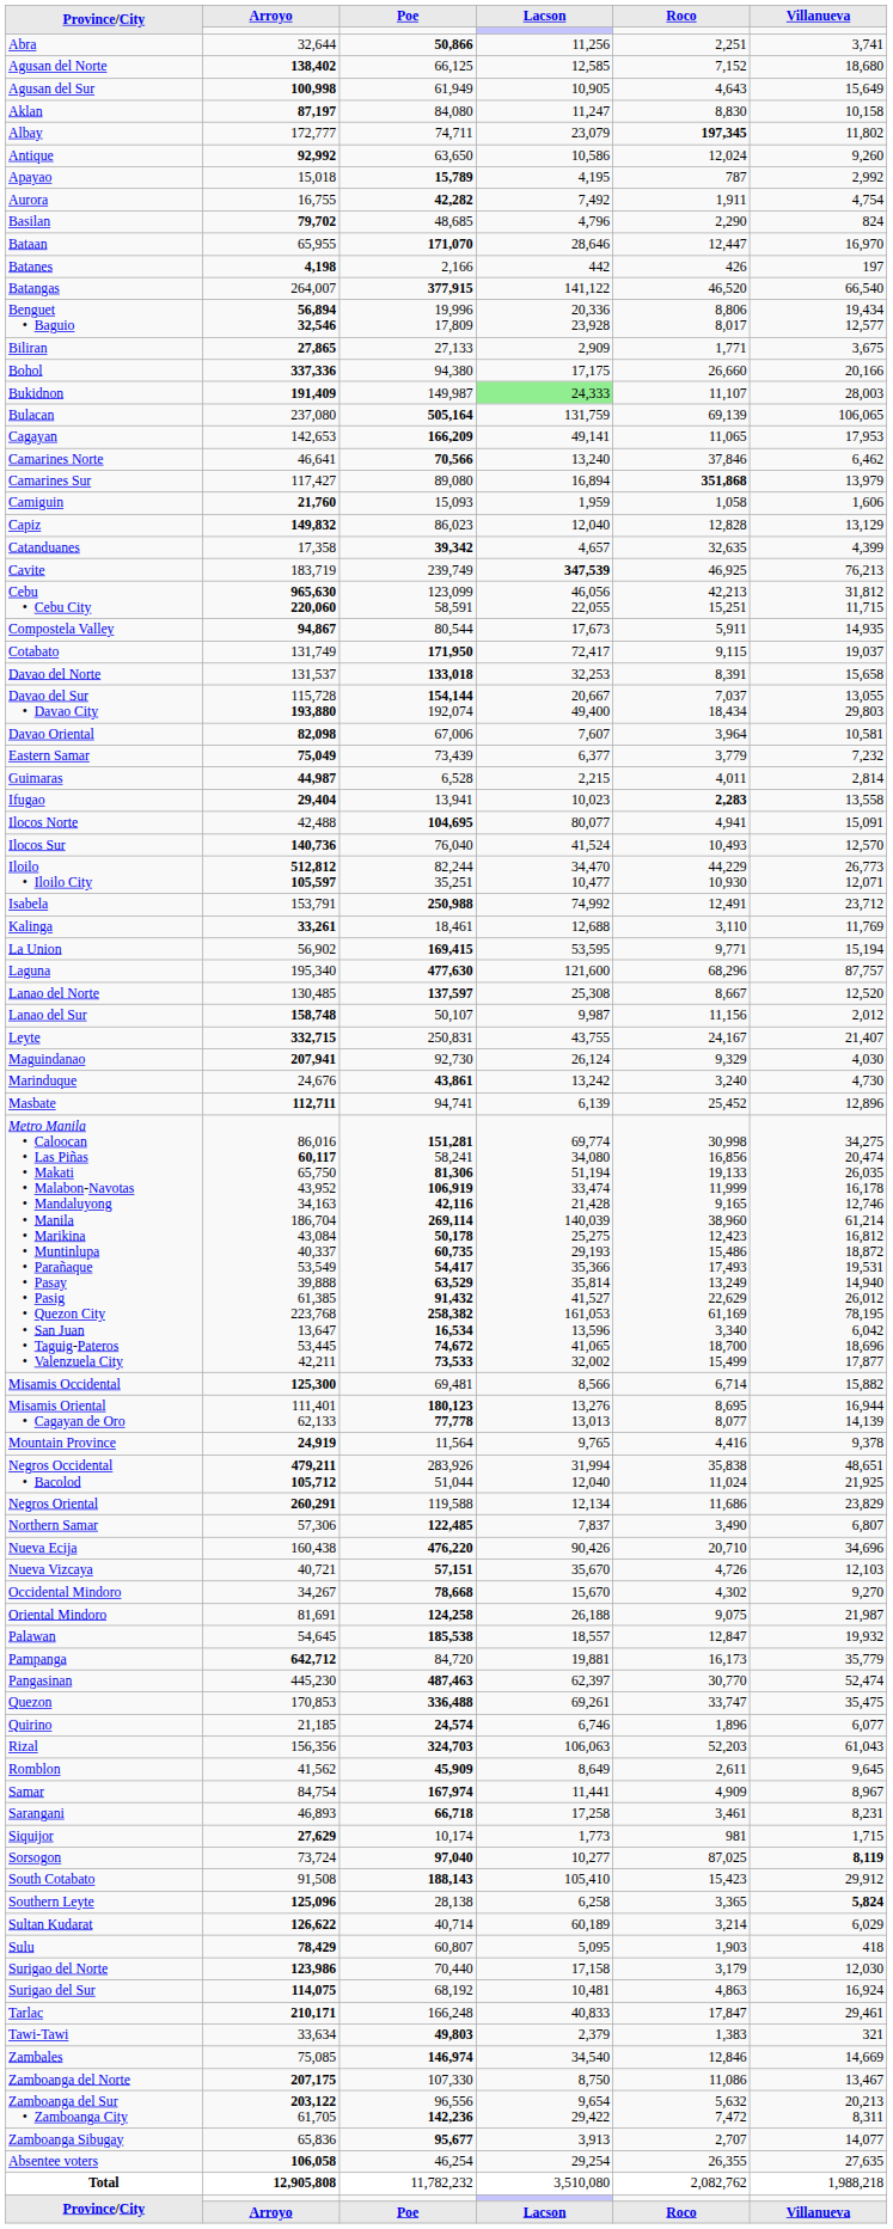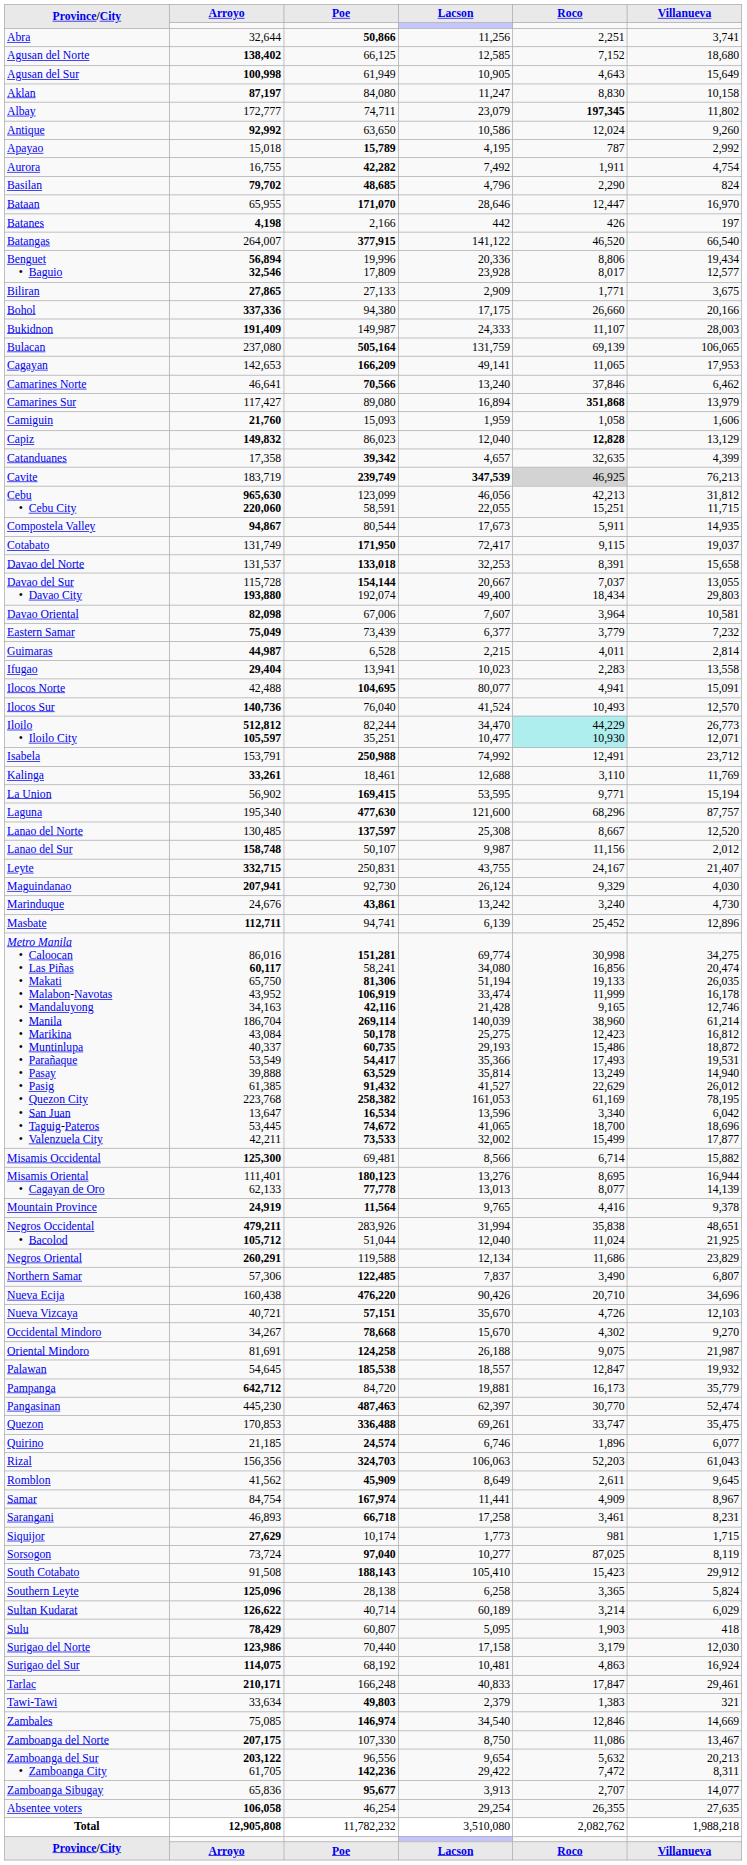 <table class="wikitable" width="80%">
 <tr bgcolor="#cccccc">
 <th rowspan="2" style="background: #E9E9E9" width="80"><a href='#'>Province</a>/<a href='#'>City</a></th>
 <th style="background: #E9E9E9" width="80"><a href='#'>Arroyo</a></th>
 <th style="background: #E9E9E9" width="80"><a href='#'>Poe</a></th>
 <th style="background: #E9E9E9" width="80"><a href='#'>Lacson</a></th>
 <th style="background: #E9E9E9" width="80"><a href='#'>Roco</a></th>
 <th style="background: #E9E9E9" width="80"><a href='#'>Villanueva</a></th>
 </tr>
 <tr>
 <td></td>
 <td></td>
 <td style="background:#c4c4ff;"></td>
 <td></td>
 <td></td>
 </tr>
 <tr>
 <td><a href='#'>Abra</a></td>
 <td align="right">32,644</td>
 <td align="right"><strong>50,866</strong></td>
 <td align="right">11,256</td>
 <td align="right">2,251</td>
 <td align="right">3,741</td>
 </tr>
 <tr>
 <td><a href='#'>Agusan del Norte</a></td>
 <td align="right"><strong>138,402</strong></td>
 <td align="right">66,125</td>
 <td align="right">12,585</td>
 <td align="right">7,152</td>
 <td align="right">18,680</td>
 </tr>
 <tr>
 <td><a href='#'>Agusan del Sur</a></td>
 <td align="right"><strong>100,998</strong></td>
 <td align="right">61,949</td>
 <td align="right">10,905</td>
 <td align="right">4,643</td>
 <td align="right">15,649</td>
 </tr>
 <tr>
 <td><a href='#'>Aklan</a></td>
 <td align="right"><strong>87,197</strong></td>
 <td align="right">84,080</td>
 <td align="right">11,247</td>
 <td align="right">8,830</td>
 <td align="right">10,158</td>
 </tr>
 <tr>
 <td><a href='#'>Albay</a></td>
 <td align="right">172,777</td>
 <td align="right">74,711</td>
 <td align="right">23,079</td>
 <td align="right"><strong>197,345</strong></td>
 <td align="right">11,802</td>
 </tr>
 <tr>
 <td><a href='#'>Antique</a></td>
 <td align="right"><strong>92,992</strong></td>
 <td align="right">63,650</td>
 <td align="right">10,586</td>
 <td align="right">12,024</td>
 <td align="right">9,260</td>
 </tr>
 <tr>
 <td><a href='#'>Apayao</a></td>
 <td align="right">15,018</td>
 <td align="right"><strong>15,789</strong></td>
 <td align="right">4,195</td>
 <td align="right">787</td>
 <td align="right">2,992</td>
 </tr>
 <tr>
 <td><a href='#'>Aurora</a></td>
 <td align="right">16,755</td>
 <td align="right"><strong>42,282</strong></td>
 <td align="right">7,492</td>
 <td align="right">1,911</td>
 <td align="right">4,754</td>
 </tr>
 <tr>
 <td><a href='#'>Basilan</a></td>
 <td align="right"><strong>79,702</strong></td>
-<td align="right">48,685</td>
+<td align="right"><strong>48,685</strong></td>
 <td align="right">4,796</td>
 <td align="right">2,290</td>
 <td align="right">824</td>
 </tr>
 <tr>
 <td><a href='#'>Bataan</a></td>
 <td align="right">65,955</td>
 <td align="right"><strong>171,070</strong></td>
 <td align="right">28,646</td>
 <td align="right">12,447</td>
 <td align="right">16,970</td>
 </tr>
 <tr>
 <td><a href='#'>Batanes</a></td>
 <td align="right"><strong>4,198</strong></td>
 <td align="right">2,166</td>
 <td align="right">442</td>
 <td align="right">426</td>
 <td align="right">197</td>
 </tr>
 <tr>
 <td><a href='#'>Batangas</a></td>
 <td align="right">264,007</td>
 <td align="right"><strong>377,915</strong></td>
 <td align="right">141,122</td>
 <td align="right">46,520</td>
 <td align="right">66,540</td>
 </tr>
 <tr>
 <td><a href='#'>Benguet</a><br>    •  <a href='#'>Baguio</a></td>
 <td align="right"><strong>56,894<br>32,546</strong></td>
 <td align="right">19,996<br>17,809</td>
 <td align="right">20,336<br>23,928</td>
 <td align="right">8,806<br>8,017</td>
 <td align="right">19,434<br>12,577</td>
 </tr>
 <tr>
 <td><a href='#'>Biliran</a></td>
 <td align="right"><strong>27,865</strong></td>
 <td align="right">27,133</td>
 <td align="right">2,909</td>
 <td align="right">1,771</td>
 <td align="right">3,675</td>
 </tr>
 <tr>
 <td><a href='#'>Bohol</a></td>
 <td align="right"><strong>337,336</strong></td>
 <td align="right">94,380</td>
 <td align="right">17,175</td>
 <td align="right">26,660</td>
 <td align="right">20,166</td>
 </tr>
 <tr>
 <td><a href='#'>Bukidnon</a></td>
 <td align="right"><strong>191,409</strong></td>
 <td align="right">149,987</td>
-<td align="right" style="background: lightgreen;">24,333</td>
+<td align="right">24,333</td>
 <td align="right">11,107</td>
 <td align="right">28,003</td>
 </tr>
 <tr>
 <td><a href='#'>Bulacan</a></td>
 <td align="right">237,080</td>
 <td align="right"><strong>505,164</strong></td>
 <td align="right">131,759</td>
 <td align="right">69,139</td>
 <td align="right">106,065</td>
 </tr>
 <tr>
 <td><a href='#'>Cagayan</a></td>
 <td align="right">142,653</td>
 <td align="right"><strong>166,209</strong></td>
 <td align="right">49,141</td>
 <td align="right">11,065</td>
 <td align="right">17,953</td>
 </tr>
 <tr>
 <td><a href='#'>Camarines Norte</a></td>
 <td align="right">46,641</td>
 <td align="right"><strong>70,566</strong></td>
 <td align="right">13,240</td>
 <td align="right">37,846</td>
 <td align="right">6,462</td>
 </tr>
 <tr>
 <td><a href='#'>Camarines Sur</a></td>
 <td align="right">117,427</td>
 <td align="right">89,080</td>
 <td align="right">16,894</td>
 <td align="right"><strong>351,868</strong></td>
 <td align="right">13,979</td>
 </tr>
 <tr>
 <td><a href='#'>Camiguin</a></td>
 <td align="right"><strong>21,760</strong></td>
 <td align="right">15,093</td>
 <td align="right">1,959</td>
 <td align="right">1,058</td>
 <td align="right">1,606</td>
 </tr>
 <tr>
 <td><a href='#'>Capiz</a></td>
 <td align="right"><strong>149,832</strong></td>
 <td align="right">86,023</td>
 <td align="right">12,040</td>
-<td align="right">12,828</td>
+<td align="right"><strong>12,828</strong></td>
 <td align="right">13,129</td>
 </tr>
 <tr>
 <td><a href='#'>Catanduanes</a></td>
 <td align="right">17,358</td>
 <td align="right"><strong>39,342</strong></td>
 <td align="right">4,657</td>
 <td align="right">32,635</td>
 <td align="right">4,399</td>
 </tr>
 <tr>
 <td><a href='#'>Cavite</a></td>
 <td align="right">183,719</td>
-<td align="right">239,749</td>
+<td align="right"><strong>239,749</strong></td>
 <td align="right"><strong>347,539</strong></td>
-<td align="right">46,925</td>
+<td align="right" style="background: lightgrey;">46,925</td>
 <td align="right">76,213</td>
 </tr>
 <tr>
 <td><a href='#'>Cebu</a><br>    •  <a href='#'>Cebu City</a></td>
 <td align="right"><strong>965,630<br>220,060</strong></td>
 <td align="right">123,099<br>58,591</td>
 <td align="right">46,056<br>22,055</td>
 <td align="right">42,213<br>15,251</td>
 <td align="right">31,812<br>11,715</td>
 </tr>
 <tr>
 <td><a href='#'>Compostela Valley</a></td>
 <td align="right"><strong>94,867</strong></td>
 <td align="right">80,544</td>
 <td align="right">17,673</td>
 <td align="right">5,911</td>
 <td align="right">14,935</td>
 </tr>
 <tr>
 <td><a href='#'>Cotabato</a></td>
 <td align="right">131,749</td>
 <td align="right"><strong>171,950</strong></td>
 <td align="right">72,417</td>
 <td align="right">9,115</td>
 <td align="right">19,037</td>
 </tr>
 <tr>
 <td><a href='#'>Davao del Norte</a></td>
 <td align="right">131,537</td>
 <td align="right"><strong>133,018</strong></td>
 <td align="right">32,253</td>
 <td align="right">8,391</td>
 <td align="right">15,658</td>
 </tr>
 <tr>
 <td><a href='#'>Davao del Sur</a><br>    •  <a href='#'>Davao City</a></td>
 <td align="right">115,728<br><strong>193,880</strong></td>
 <td align="right"><strong>154,144</strong><br>192,074</td>
 <td align="right">20,667<br>49,400</td>
 <td align="right">7,037<br>18,434</td>
 <td align="right">13,055<br>29,803</td>
 </tr>
 <tr>
 <td><a href='#'>Davao Oriental</a></td>
 <td align="right"><strong>82,098</strong></td>
 <td align="right">67,006</td>
 <td align="right">7,607</td>
 <td align="right">3,964</td>
 <td align="right">10,581</td>
 </tr>
 <tr>
 <td><a href='#'>Eastern Samar</a></td>
 <td align="right"><strong>75,049</strong></td>
 <td align="right">73,439</td>
 <td align="right">6,377</td>
 <td align="right">3,779</td>
 <td align="right">7,232</td>
 </tr>
 <tr>
 <td><a href='#'>Guimaras</a></td>
 <td align="right"><strong>44,987</strong></td>
 <td align="right">6,528</td>
 <td align="right">2,215</td>
 <td align="right">4,011</td>
 <td align="right">2,814</td>
 </tr>
 <tr>
 <td><a href='#'>Ifugao</a></td>
 <td align="right"><strong>29,404</strong></td>
 <td align="right">13,941</td>
 <td align="right">10,023</td>
-<td align="right"><strong>2,283</strong></td>
+<td align="right">2,283</td>
 <td align="right">13,558</td>
 </tr>
 <tr>
 <td><a href='#'>Ilocos Norte</a></td>
 <td align="right">42,488</td>
 <td align="right"><strong>104,695</strong></td>
 <td align="right">80,077</td>
 <td align="right">4,941</td>
 <td align="right">15,091</td>
 </tr>
 <tr>
 <td><a href='#'>Ilocos Sur</a></td>
 <td align="right"><strong>140,736</strong></td>
 <td align="right">76,040</td>
 <td align="right">41,524</td>
 <td align="right">10,493</td>
 <td align="right">12,570</td>
 </tr>
 <tr>
 <td><a href='#'>Iloilo</a><br>    •  <a href='#'>Iloilo City</a></td>
 <td align="right"><strong>512,812<br>105,597</strong></td>
 <td align="right">82,244<br>35,251</td>
 <td align="right">34,470<br>10,477</td>
-<td align="right">44,229<br>10,930</td>
+<td align="right" style="background: paleturquoise;">44,229<br>10,930</td>
 <td align="right">26,773<br>12,071</td>
 </tr>
 <tr>
 <td><a href='#'>Isabela</a></td>
 <td align="right">153,791</td>
 <td align="right"><strong>250,988</strong></td>
 <td align="right">74,992</td>
 <td align="right">12,491</td>
 <td align="right">23,712</td>
 </tr>
 <tr>
 <td><a href='#'>Kalinga</a></td>
 <td align="right"><strong>33,261</strong></td>
 <td align="right">18,461</td>
 <td align="right">12,688</td>
 <td align="right">3,110</td>
 <td align="right">11,769</td>
 </tr>
 <tr>
 <td><a href='#'>La Union</a></td>
 <td align="right">56,902</td>
 <td align="right"><strong>169,415</strong></td>
 <td align="right">53,595</td>
 <td align="right">9,771</td>
 <td align="right">15,194</td>
 </tr>
 <tr>
 <td><a href='#'>Laguna</a></td>
 <td align="right">195,340</td>
 <td align="right"><strong>477,630</strong></td>
 <td align="right">121,600</td>
 <td align="right">68,296</td>
 <td align="right">87,757</td>
 </tr>
 <tr>
 <td><a href='#'>Lanao del Norte</a></td>
 <td align="right">130,485</td>
 <td align="right"><strong>137,597</strong></td>
 <td align="right">25,308</td>
 <td align="right">8,667</td>
 <td align="right">12,520</td>
 </tr>
 <tr>
 <td><a href='#'>Lanao del Sur</a></td>
 <td align="right"><strong>158,748</strong></td>
 <td align="right">50,107</td>
 <td align="right">9,987</td>
 <td align="right">11,156</td>
 <td align="right">2,012</td>
 </tr>
 <tr>
 <td><a href='#'>Leyte</a></td>
 <td align="right"><strong>332,715</strong></td>
 <td align="right">250,831</td>
 <td align="right">43,755</td>
 <td align="right">24,167</td>
 <td align="right">21,407</td>
 </tr>
 <tr>
 <td><a href='#'>Maguindanao</a></td>
 <td align="right"><strong>207,941</strong></td>
 <td align="right">92,730</td>
 <td align="right">26,124</td>
 <td align="right">9,329</td>
 <td align="right">4,030</td>
 </tr>
 <tr>
 <td><a href='#'>Marinduque</a></td>
 <td align="right">24,676</td>
 <td align="right"><strong>43,861</strong></td>
 <td align="right">13,242</td>
 <td align="right">3,240</td>
 <td align="right">4,730</td>
 </tr>
 <tr>
 <td><a href='#'>Masbate</a></td>
 <td align="right"><strong>112,711</strong></td>
 <td align="right">94,741</td>
 <td align="right">6,139</td>
 <td align="right">25,452</td>
 <td align="right">12,896</td>
 </tr>
 <tr>
 <td><em><a href='#'>Metro Manila</a></em><br>    •  <a href='#'>Caloocan</a><br>    •  <a href='#'>Las Piñas</a> <br>    •  <a href='#'>Makati</a><br>    •  <a href='#'>Malabon</a>-<a href='#'>Navotas</a><br>    •  <a href='#'>Mandaluyong</a><br>    •  <a href='#'>Manila</a><br>    •  <a href='#'>Marikina</a><br>    •  <a href='#'>Muntinlupa</a><br>    •  <a href='#'>Parañaque</a><br>    •  <a href='#'>Pasay</a><br>    •  <a href='#'>Pasig</a><br>    •  <a href='#'>Quezon City</a><br>    •  <a href='#'>San Juan</a><br>    •  <a href='#'>Taguig</a>-<a href='#'>Pateros</a><br>    •  <a href='#'>Valenzuela City</a></td>
 <td align="right"><br>86,016<br><strong>60,117</strong><br>65,750<br>43,952<br>34,163<br>186,704<br>43,084<br>40,337<br>53,549<br>39,888<br>61,385<br>223,768<br>13,647<br>53,445<br>42,211</td>
 <td align="right"><br><strong>151,281</strong><br>58,241<br><strong>81,306<br>106,919<br>42,116<br>269,114<br>50,178<br>60,735<br>54,417<br>63,529<br>91,432<br>258,382<br>16,534<br>74,672<br>73,533</strong></td>
 <td align="right"><br>69,774<br>34,080<br>51,194<br>33,474<br>21,428<br>140,039<br>25,275<br>29,193<br>35,366<br>35,814<br>41,527<br>161,053<br>13,596<br>41,065<br>32,002</td>
 <td align="right"><br>30,998<br>16,856<br>19,133<br>11,999<br>9,165<br>38,960<br>12,423<br>15,486<br>17,493<br>13,249<br>22,629<br>61,169<br>3,340<br>18,700<br>15,499</td>
 <td align="right"><br>34,275<br>20,474<br>26,035<br>16,178<br>12,746<br>61,214<br>16,812<br>18,872<br>19,531<br>14,940<br>26,012<br>78,195<br>6,042<br>18,696<br>17,877</td>
 </tr>
 <tr>
 <td><a href='#'>Misamis Occidental</a></td>
 <td align="right"><strong>125,300</strong></td>
 <td align="right">69,481</td>
 <td align="right">8,566</td>
 <td align="right">6,714</td>
 <td align="right">15,882</td>
 </tr>
 <tr>
 <td><a href='#'>Misamis Oriental</a><br>    •  <a href='#'>Cagayan de Oro</a></td>
 <td align="right">111,401<br>62,133</td>
 <td align="right"><strong>180,123<br>77,778</strong></td>
 <td align="right">13,276<br>13,013</td>
 <td align="right">8,695<br>8,077</td>
 <td align="right">16,944<br>14,139</td>
 </tr>
 <tr>
 <td><a href='#'>Mountain Province</a></td>
 <td align="right"><strong>24,919</strong></td>
-<td align="right">11,564</td>
+<td align="right"><strong>11,564</strong></td>
 <td align="right">9,765</td>
 <td align="right">4,416</td>
 <td align="right">9,378</td>
 </tr>
 <tr>
 <td><a href='#'>Negros Occidental</a><br>    •  <a href='#'>Bacolod</a></td>
 <td align="right"><strong>479,211<br>105,712</strong></td>
 <td align="right">283,926<br>51,044</td>
 <td align="right">31,994<br>12,040</td>
 <td align="right">35,838<br>11,024</td>
 <td align="right">48,651<br>21,925</td>
 </tr>
 <tr>
 <td><a href='#'>Negros Oriental</a></td>
 <td align="right"><strong>260,291</strong></td>
 <td align="right">119,588</td>
 <td align="right">12,134</td>
 <td align="right">11,686</td>
 <td align="right">23,829</td>
 </tr>
 <tr>
 <td><a href='#'>Northern Samar</a></td>
 <td align="right">57,306</td>
 <td align="right"><strong>122,485</strong></td>
 <td align="right">7,837</td>
 <td align="right">3,490</td>
 <td align="right">6,807</td>
 </tr>
 <tr>
 <td><a href='#'>Nueva Ecija</a></td>
 <td align="right">160,438</td>
 <td align="right"><strong>476,220</strong></td>
 <td align="right">90,426</td>
 <td align="right">20,710</td>
 <td align="right">34,696</td>
 </tr>
 <tr>
 <td><a href='#'>Nueva Vizcaya</a></td>
 <td align="right">40,721</td>
 <td align="right"><strong>57,151</strong></td>
 <td align="right">35,670</td>
 <td align="right">4,726</td>
 <td align="right">12,103</td>
 </tr>
 <tr>
 <td><a href='#'>Occidental Mindoro</a></td>
 <td align="right">34,267</td>
 <td align="right"><strong>78,668</strong></td>
 <td align="right">15,670</td>
 <td align="right">4,302</td>
 <td align="right">9,270</td>
 </tr>
 <tr>
 <td><a href='#'>Oriental Mindoro</a></td>
 <td align="right">81,691</td>
 <td align="right"><strong>124,258</strong></td>
 <td align="right">26,188</td>
 <td align="right">9,075</td>
 <td align="right">21,987</td>
 </tr>
 <tr>
 <td><a href='#'>Palawan</a></td>
 <td align="right">54,645</td>
 <td align="right"><strong>185,538</strong></td>
 <td align="right">18,557</td>
 <td align="right">12,847</td>
 <td align="right">19,932</td>
 </tr>
 <tr>
 <td><a href='#'>Pampanga</a></td>
 <td align="right"><strong>642,712</strong></td>
 <td align="right">84,720</td>
 <td align="right">19,881</td>
 <td align="right">16,173</td>
 <td align="right">35,779</td>
 </tr>
 <tr>
 <td><a href='#'>Pangasinan</a></td>
 <td align="right">445,230</td>
 <td align="right"><strong>487,463</strong></td>
 <td align="right">62,397</td>
 <td align="right">30,770</td>
 <td align="right">52,474</td>
 </tr>
 <tr>
 <td><a href='#'>Quezon</a></td>
 <td align="right">170,853</td>
 <td align="right"><strong>336,488</strong></td>
 <td align="right">69,261</td>
 <td align="right">33,747</td>
 <td align="right">35,475</td>
 </tr>
 <tr>
 <td><a href='#'>Quirino</a></td>
 <td align="right">21,185</td>
 <td align="right"><strong>24,574</strong></td>
 <td align="right">6,746</td>
 <td align="right">1,896</td>
 <td align="right">6,077</td>
 </tr>
 <tr>
 <td><a href='#'>Rizal</a></td>
 <td align="right">156,356</td>
 <td align="right"><strong>324,703</strong></td>
 <td align="right">106,063</td>
 <td align="right">52,203</td>
 <td align="right">61,043</td>
 </tr>
 <tr>
 <td><a href='#'>Romblon</a></td>
 <td align="right">41,562</td>
 <td align="right"><strong>45,909</strong></td>
 <td align="right">8,649</td>
 <td align="right">2,611</td>
 <td align="right">9,645</td>
 </tr>
 <tr>
 <td><a href='#'>Samar</a></td>
 <td align="right">84,754</td>
 <td align="right"><strong>167,974</strong></td>
 <td align="right">11,441</td>
 <td align="right">4,909</td>
 <td align="right">8,967</td>
 </tr>
 <tr>
 <td><a href='#'>Sarangani</a></td>
 <td align="right">46,893</td>
 <td align="right"><strong>66,718</strong></td>
 <td align="right">17,258</td>
 <td align="right">3,461</td>
 <td align="right">8,231</td>
 </tr>
 <tr>
 <td><a href='#'>Siquijor</a></td>
 <td align="right"><strong>27,629</strong></td>
 <td align="right">10,174</td>
 <td align="right">1,773</td>
 <td align="right">981</td>
 <td align="right">1,715</td>
 </tr>
 <tr>
 <td><a href='#'>Sorsogon</a></td>
 <td align="right">73,724</td>
 <td align="right"><strong>97,040</strong></td>
 <td align="right">10,277</td>
 <td align="right">87,025</td>
-<td align="right"><strong>8,119</strong></td>
+<td align="right">8,119</td>
 </tr>
 <tr>
 <td><a href='#'>South Cotabato</a></td>
 <td align="right">91,508</td>
 <td align="right"><strong>188,143</strong></td>
 <td align="right">105,410</td>
 <td align="right">15,423</td>
 <td align="right">29,912</td>
 </tr>
 <tr>
 <td><a href='#'>Southern Leyte</a></td>
 <td align="right"><strong>125,096</strong></td>
 <td align="right">28,138</td>
 <td align="right">6,258</td>
 <td align="right">3,365</td>
-<td align="right"><strong>5,824</strong></td>
+<td align="right">5,824</td>
 </tr>
 <tr>
 <td><a href='#'>Sultan Kudarat</a></td>
 <td align="right"><strong>126,622</strong></td>
 <td align="right">40,714</td>
 <td align="right">60,189</td>
 <td align="right">3,214</td>
 <td align="right">6,029</td>
 </tr>
 <tr>
 <td><a href='#'>Sulu</a></td>
 <td align="right"><strong>78,429</strong></td>
 <td align="right">60,807</td>
 <td align="right">5,095</td>
 <td align="right">1,903</td>
 <td align="right">418</td>
 </tr>
 <tr>
 <td><a href='#'>Surigao del Norte</a></td>
 <td align="right"><strong>123,986</strong></td>
 <td align="right">70,440</td>
 <td align="right">17,158</td>
 <td align="right">3,179</td>
 <td align="right">12,030</td>
 </tr>
 <tr>
 <td><a href='#'>Surigao del Sur</a></td>
 <td align="right"><strong>114,075</strong></td>
 <td align="right">68,192</td>
 <td align="right">10,481</td>
 <td align="right">4,863</td>
 <td align="right">16,924</td>
 </tr>
 <tr>
 <td><a href='#'>Tarlac</a></td>
 <td align="right"><strong>210,171</strong></td>
 <td align="right">166,248</td>
 <td align="right">40,833</td>
 <td align="right">17,847</td>
 <td align="right">29,461</td>
 </tr>
 <tr>
 <td><a href='#'>Tawi-Tawi</a></td>
 <td align="right">33,634</td>
 <td align="right"><strong>49,803</strong></td>
 <td align="right">2,379</td>
 <td align="right">1,383</td>
 <td align="right">321</td>
 </tr>
 <tr>
 <td><a href='#'>Zambales</a></td>
 <td align="right">75,085</td>
 <td align="right"><strong>146,974</strong></td>
 <td align="right">34,540</td>
 <td align="right">12,846</td>
 <td align="right">14,669</td>
 </tr>
 <tr>
 <td><a href='#'>Zamboanga del Norte</a></td>
 <td align="right"><strong>207,175</strong></td>
 <td align="right">107,330</td>
 <td align="right">8,750</td>
 <td align="right">11,086</td>
 <td align="right">13,467</td>
 </tr>
 <tr>
 <td><a href='#'>Zamboanga del Sur</a><br>    •  <a href='#'>Zamboanga City</a></td>
 <td align="right"><strong>203,122</strong><br>61,705</td>
 <td align="right">96,556<br><strong>142,236</strong></td>
 <td align="right">9,654<br>29,422</td>
 <td align="right">5,632<br>7,472</td>
 <td align="right">20,213<br>8,311</td>
 </tr>
 <tr>
 <td><a href='#'>Zamboanga Sibugay</a></td>
 <td align="right">65,836</td>
 <td align="right"><strong>95,677</strong></td>
 <td align="right">3,913</td>
 <td align="right">2,707</td>
 <td align="right">14,077</td>
 </tr>
 <tr>
 <td><a href='#'>Absentee voters</a></td>
 <td align="right"><strong>106,058</strong></td>
 <td align="right">46,254</td>
 <td align="right">29,254</td>
 <td align="right">26,355</td>
 <td align="right">27,635</td>
 </tr>
 <tr>
 <td style="background: #FFFFFF" align="center"><strong>Total</strong></td>
 <td style="background: #FFFFFF" align="right"><strong>12,905,808</strong></td>
 <td style="background: #FFFFFF" align="right">11,782,232</td>
 <td style="background: #FFFFFF" align="right">3,510,080</td>
 <td style="background: #FFFFFF" align="right">2,082,762</td>
 <td style="background: #FFFFFF" align="right">1,988,218</td>
 </tr>
 <tr>
 <th rowspan="2" style="background: #E9E9E9" width="80"><a href='#'>Province</a>/<a href='#'>City</a></th>
 <td></td>
 <td></td>
 <td style="background:#c4c4ff;"></td>
 <td></td>
 <td></td>
 </tr>
 <tr>
 <th style="background: #E9E9E9" width="80"><a href='#'>Arroyo</a></th>
 <th style="background: #E9E9E9" width="80"><a href='#'>Poe</a></th>
 <th style="background: #E9E9E9" width="80"><a href='#'>Lacson</a></th>
 <th style="background: #E9E9E9" width="80"><a href='#'>Roco</a></th>
 <th style="background: #E9E9E9" width="80"><a href='#'>Villanueva</a></th>
 </tr>
 </table>
